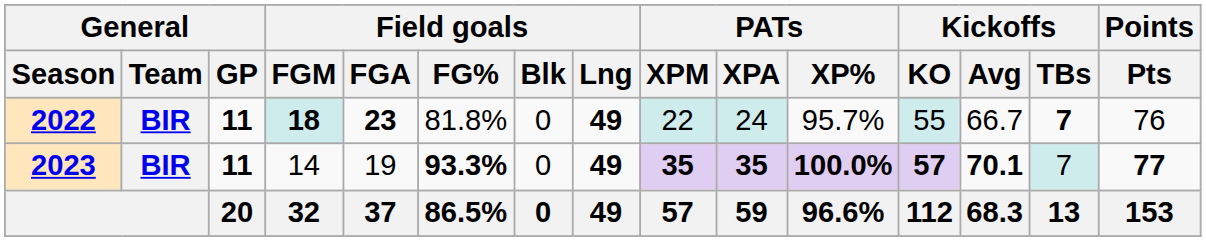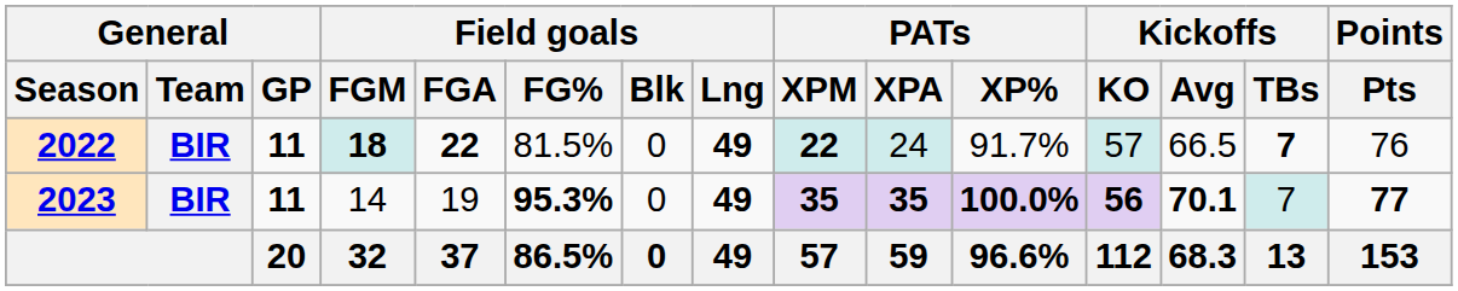 <table class="wikitable" style="text-align:center;">
 <tr>
 <th colspan=3>General</th>
 <th colspan=5>Field goals</th>
 <th colspan=3>PATs</th>
 <th colspan=3>Kickoffs</th>
 <th>Points</th>
 </tr>
 <tr>
 <th>Season</th>
 <th>Team</th>
 <th>GP</th>
 <th>FGM</th>
 <th>FGA</th>
 <th>FG%</th>
 <th>Blk</th>
 <th>Lng</th>
 <th>XPM</th>
 <th>XPA</th>
 <th>XP%</th>
 <th>KO</th>
 <th>Avg</th>
 <th>TBs</th>
 <th>Pts</th>
 </tr>
 <tr>
 <th style="background:#ffe6bd;"><a href='#'>2022</a></th>
 <th><a href='#'>BIR</a></th>
 <td><strong>11</strong></td>
 <td style="background:#cfecec;"><strong>18</strong></td>
-<td><strong>23</strong></td>
-<td>81.8%</td>
+<td><strong>22</strong></td>
+<td>81.5%</td>
 <td>0</td>
 <td><strong>49</strong></td>
-<td style="background:#cfecec;">22</td>
+<td style="background:#cfecec;"><strong>22</strong></td>
 <td style="background:#cfecec;">24</td>
-<td>95.7%</td>
-<td style="background:#cfecec;">55</td>
-<td>66.7</td>
+<td>91.7%</td>
+<td style="background:#cfecec;">57</td>
+<td>66.5</td>
 <td><strong>7</strong></td>
 <td>76</td>
 </tr>
 <tr>
 <th style="background:#ffe6bd;"><a href='#'>2023</a></th>
 <th><a href='#'>BIR</a></th>
 <td><strong>11</strong></td>
 <td>14</td>
 <td>19</td>
-<td><strong>93.3%</strong></td>
+<td><strong>95.3%</strong></td>
 <td>0</td>
 <td><strong>49</strong></td>
 <td style="background:#e0cef2;"><strong>35</strong></td>
 <td style="background:#e0cef2;"><strong>35</strong></td>
 <td style="background:#e0cef2;"><strong>100.0%</strong></td>
-<td style="background:#e0cef2;"><strong>57</strong></td>
+<td style="background:#e0cef2;"><strong>56</strong></td>
 <td><strong>70.1</strong></td>
 <td style="background:#cfecec;">7</td>
 <td><strong>77</strong></td>
 </tr>
 <tr>
 <th colspan="2"></th>
 <th>20</th>
 <th>32</th>
 <th>37</th>
 <th>86.5%</th>
 <th>0</th>
 <th>49</th>
 <th>57</th>
 <th>59</th>
 <th>96.6%</th>
 <th>112</th>
 <th>68.3</th>
 <th>13</th>
 <th>153</th>
 </tr>
 </table>
